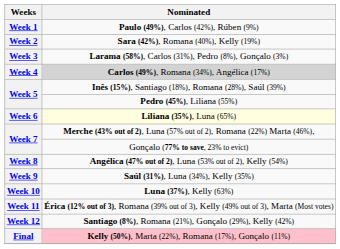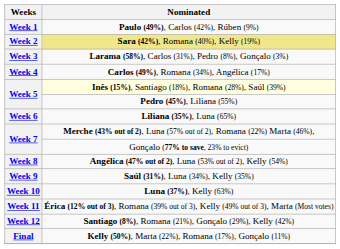 <table class="wikitable" style="font-size:90%; text-align:center; margin-left: auto; margin-right: auto">
 <tr>
 <th>Weeks</th>
 <th>Nominated</th>
 </tr>
 <tr>
 <th><a href='#'>Week 1</a></th>
 <td><strong>Paulo <small>(49%)</small></strong>, Carlos <small>(42%)</small>, Rúben <small>(9%)</small></td>
 </tr>
 <tr>
 <th><a href='#'>Week 2</a></th>
-<td><strong>Sara <small>(42%)</small></strong>, Romana <small>(40%)</small>, Kelly <small>(19%)</small></td>
+<td style="background: khaki;"><strong>Sara <small>(42%)</small></strong>, Romana <small>(40%)</small>, Kelly <small>(19%)</small></td>
 </tr>
 <tr>
 <th><a href='#'>Week 3</a></th>
 <td><strong>Larama <small>(58%)</small></strong>, Carlos <small>(31%)</small>, Pedro <small>(8%)</small>, Gonçalo <small>(3%)</small></td>
 </tr>
 <tr>
 <th><a href='#'>Week 4</a></th>
-<td style="background: lightgrey;"><strong>Carlos <small>(49%)</small></strong>, Romana <small>(34%)</small>, Angélica <small>(17%)</small></td>
+<td><strong>Carlos <small>(49%)</small></strong>, Romana <small>(34%)</small>, Angélica <small>(17%)</small></td>
 </tr>
 <tr>
 <th rowspan=2><a href='#'>Week 5</a></th>
-<td><strong>Inês <small>(15%)</small></strong>, Santiago <small>(18%)</small>, Romana <small>(28%)</small>, Saúl <small>(39%)</small></td>
+<td style="background: lightyellow;"><strong>Inês <small>(15%)</small></strong>, Santiago <small>(18%)</small>, Romana <small>(28%)</small>, Saúl <small>(39%)</small></td>
 </tr>
 <tr>
 <td><strong>Pedro <small>(45%)</small></strong>, Liliana <small>(55%)</small></td>
 </tr>
 <tr>
 <th><a href='#'>Week 6</a></th>
-<td style="background: lightyellow;"><strong>Liliana <small>(35%)</small></strong>, Luna <small>(65%)</small></td>
+<td><strong>Liliana <small>(35%)</small></strong>, Luna <small>(65%)</small></td>
 </tr>
 <tr>
 <th rowspan=2><a href='#'>Week 7</a></th>
 <td><strong>Merche <small>(43% out of 2)</small></strong>, Luna <small>(57% out of 2)</small>, Romana <small>(22%)</small> Marta <small>(46%)</small>,</td>
 </tr>
 <tr>
 <td>Gonçalo <small>(<strong>77% to save</strong>, 23% to evict)</small></td>
 </tr>
 <tr>
 <th><a href='#'>Week 8</a></th>
 <td><strong>Angélica <small>(47% out of 2)</small></strong>, Luna <small>(53% out of 2)</small>, Kelly <small>(54%)</small></td>
 </tr>
 <tr>
 <th><a href='#'>Week 9</a></th>
 <td><strong>Saúl <small>(31%)</small></strong>, Luna <small>(34%)</small>, Kelly <small>(35%)</small></td>
 </tr>
 <tr>
 <th><a href='#'>Week 10</a></th>
 <td><strong>Luna <small>(37%)</small></strong>, Kelly <small>(63%)</small></td>
 </tr>
 <tr>
 <th><a href='#'>Week 11</a></th>
 <td><strong>Érica <small>(12% out of 3)</small></strong>, Romana <small>(39% out of 3)</small>, Kelly <small>(49% out of 3)</small>, Marta <small>(Most votes)</small></td>
 </tr>
 <tr>
 <th><a href='#'>Week 12</a></th>
 <td><strong>Santiago <small>(8%)</small></strong>, Romana <small>(21%)</small>, Gonçalo <small>(29%)</small>, Kelly <small>(42%)</small></td>
 </tr>
 <tr>
 <th><a href='#'>Final</a></th>
-<td style="background: pink;"><strong>Kelly <small>(50%)</small></strong>, Marta <small>(22%)</small>, Romana <small>(17%)</small>, Gonçalo <small>(11%)</small></td>
+<td><strong>Kelly <small>(50%)</small></strong>, Marta <small>(22%)</small>, Romana <small>(17%)</small>, Gonçalo <small>(11%)</small></td>
 </tr>
 <tr>
 </tr>
 </table>
